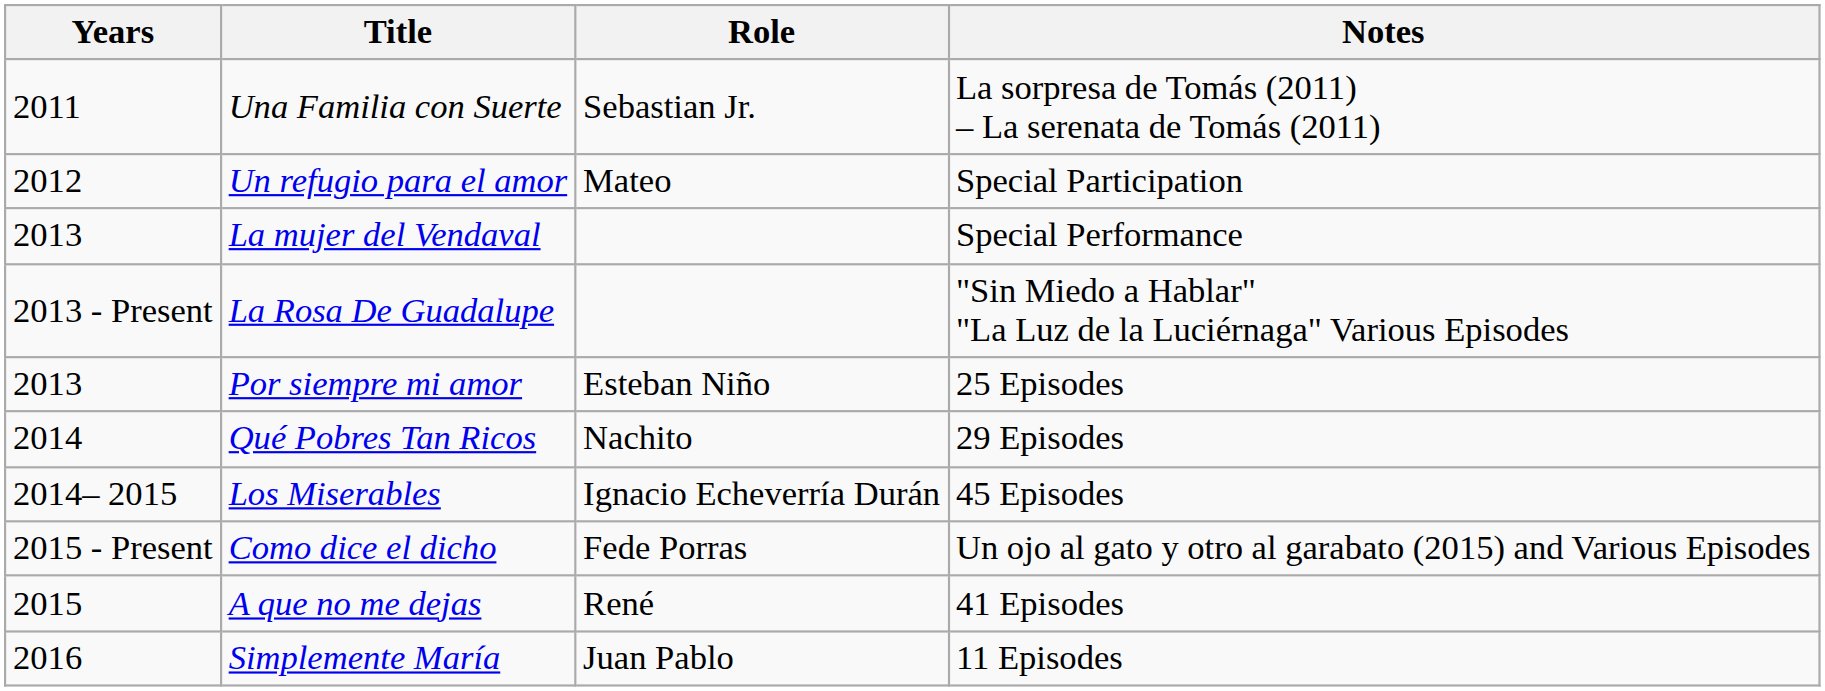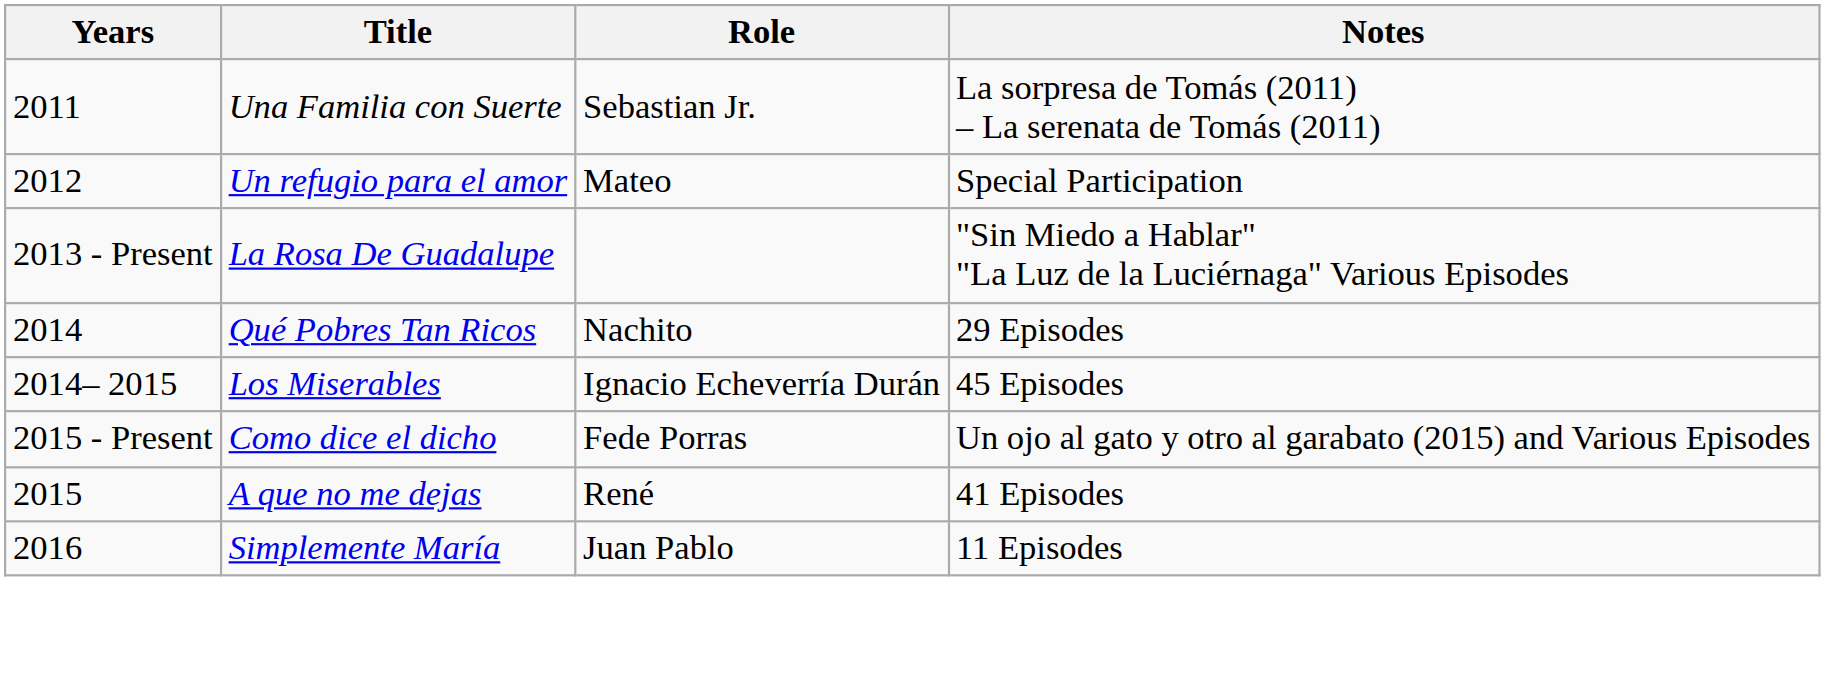 <table class="wikitable">
 <tr>
 <th>Years</th>
 <th>Title</th>
 <th>Role</th>
 <th>Notes</th>
 </tr>
 <tr>
 <td>2011</td>
 <td><em>Una Familia con Suerte</em></td>
 <td>Sebastian Jr.</td>
 <td>La sorpresa de Tomás (2011)<br>– La serenata de Tomás (2011)</td>
 </tr>
 <tr>
 <td>2012</td>
 <td><em><a href='#'>Un refugio para el amor</a></em></td>
 <td>Mateo</td>
 <td>Special Participation</td>
 </tr>
 <tr>
-<td>2013</td>
-<td><em><a href='#'>La mujer del Vendaval</a></em></td>
-<td></td>
-<td>Special Performance</td>
-</tr>
-<tr>
 <td>2013 - Present</td>
 <td><a href='#'><em>La Rosa De Guadalupe</em></a></td>
 <td></td>
 <td>"Sin Miedo a Hablar"<br>"La Luz de la Luciérnaga" Various Episodes</td>
-</tr>
-<tr>
-<td>2013</td>
-<td><em><a href='#'>Por siempre mi amor</a></em></td>
-<td>Esteban Niño</td>
-<td>25 Episodes</td>
 </tr>
 <tr>
 <td>2014</td>
 <td><a href='#'><em>Qué Pobres Tan Ricos</em></a></td>
 <td>Nachito</td>
 <td>29 Episodes</td>
 </tr>
 <tr>
 <td>2014– 2015</td>
 <td><a href='#'><em>Los Miserables</em></a></td>
 <td>Ignacio Echeverría Durán</td>
 <td>45 Episodes</td>
 </tr>
 <tr>
 <td>2015 - Present</td>
 <td><em><a href='#'>Como dice el dicho</a></em></td>
 <td>Fede Porras</td>
 <td>Un ojo al gato y otro al garabato (2015) and Various Episodes</td>
 </tr>
 <tr>
 <td>2015</td>
 <td><em><a href='#'>A que no me dejas</a></em></td>
 <td>René</td>
 <td>41 Episodes</td>
 </tr>
 <tr>
 <td>2016</td>
 <td><a href='#'><em>Simplemente María</em></a></td>
 <td>Juan Pablo</td>
 <td>11 Episodes</td>
 </tr>
 </table>
